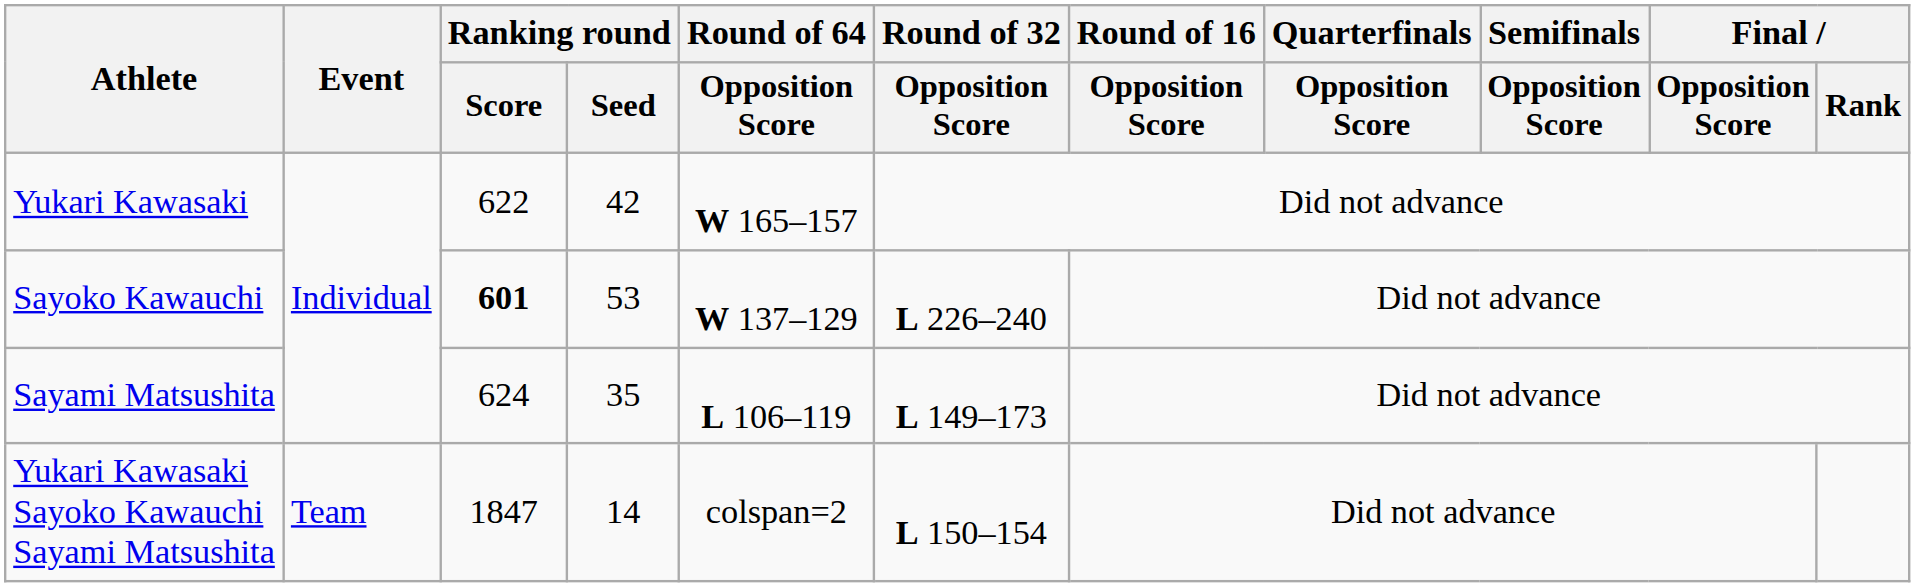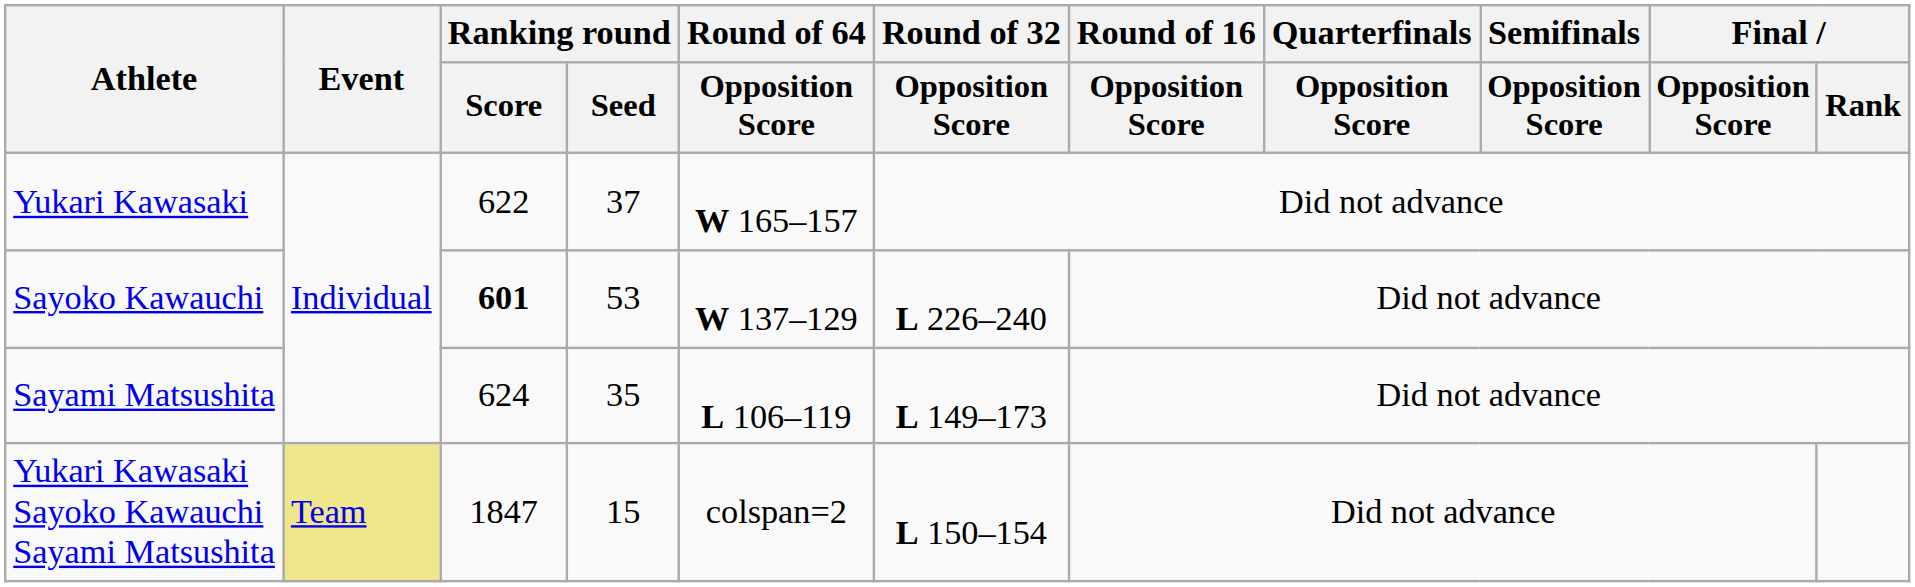 <table class="wikitable" style="font-size:90%">
 <tr>
 <th rowspan="2">Athlete</th>
 <th rowspan="2">Event</th>
 <th colspan="2">Ranking round</th>
 <th>Round of 64</th>
 <th>Round of 32</th>
 <th>Round of 16</th>
 <th>Quarterfinals</th>
 <th>Semifinals</th>
 <th colspan="2">Final / </th>
 </tr>
 <tr style="font-size:95%">
 <th>Score</th>
 <th>Seed</th>
 <th>Opposition<br>Score</th>
 <th>Opposition<br>Score</th>
 <th>Opposition<br>Score</th>
 <th>Opposition<br>Score</th>
 <th>Opposition<br>Score</th>
 <th>Opposition<br>Score</th>
 <th>Rank</th>
 </tr>
 <tr align=center>
 <td align=left><a href='#'>Yukari Kawasaki</a></td>
 <td align=left rowspan=3><a href='#'>Individual</a></td>
 <td>622</td>
-<td>42</td>
+<td>37</td>
 <td><br><strong>W</strong> 165–157</td>
 <td colspan=6>Did not advance</td>
 </tr>
 <tr align=center>
 <td align=left><a href='#'>Sayoko Kawauchi</a></td>
 <td><strong>601</strong></td>
 <td>53</td>
 <td><br><strong>W</strong> 137–129</td>
 <td><br><strong>L</strong> 226–240</td>
 <td colspan=5>Did not advance</td>
 </tr>
 <tr align=center>
 <td align=left><a href='#'>Sayami Matsushita</a></td>
 <td>624</td>
 <td>35</td>
 <td><br><strong>L</strong> 106–119</td>
 <td><br><strong>L</strong> 149–173</td>
 <td colspan=5>Did not advance</td>
 </tr>
 <tr align=center>
 <td align=left><a href='#'>Yukari Kawasaki</a><br><a href='#'>Sayoko Kawauchi</a><br><a href='#'>Sayami Matsushita</a></td>
-<td align=left><a href='#'>Team</a></td>
+<td align=left style="background: khaki;"><a href='#'>Team</a></td>
 <td>1847</td>
-<td>14</td>
+<td>15</td>
 <td>colspan=2 </td>
 <td><br><strong>L</strong> 150–154</td>
 <td colspan=4>Did not advance</td>
 </tr>
 </table>
